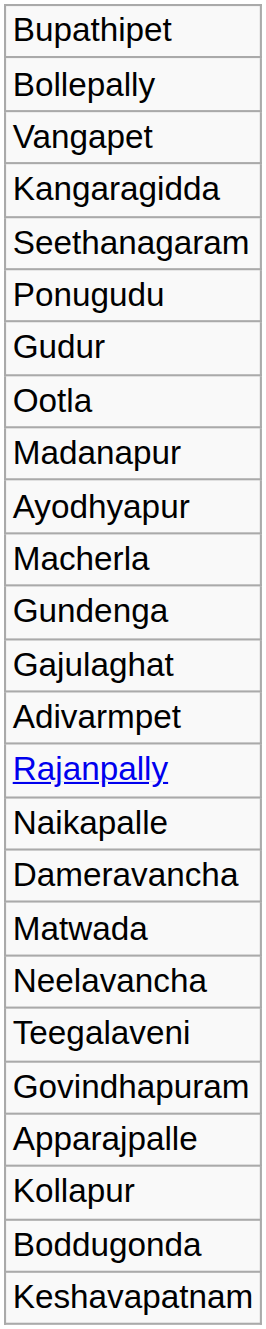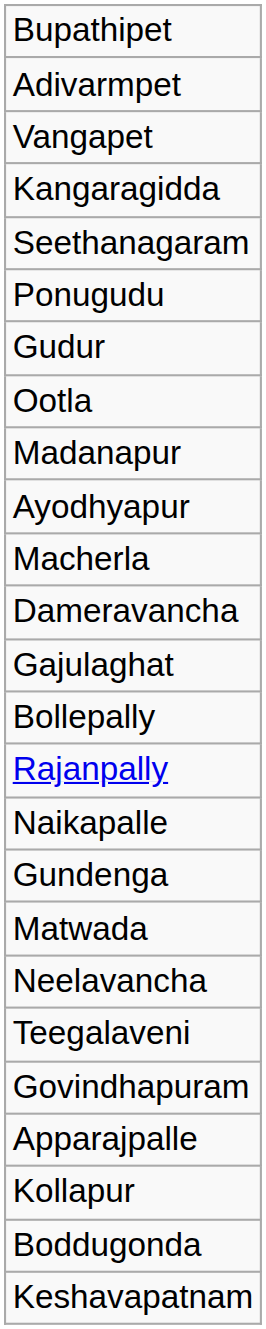 <table class="wikitable sortable">
 <tr>
 <td>Bupathipet</td>
 </tr>
 <tr>
-<td>Bollepally</td>
+<td>Adivarmpet</td>
 </tr>
 <tr>
 <td>Vangapet</td>
 </tr>
 <tr>
 <td>Kangaragidda</td>
 </tr>
 <tr>
 <td>Seethanagaram</td>
 </tr>
 <tr>
 <td>Ponugudu</td>
 </tr>
 <tr>
 <td>Gudur</td>
 </tr>
 <tr>
 <td>Ootla</td>
 </tr>
 <tr>
 <td>Madanapur</td>
 </tr>
 <tr>
 <td>Ayodhyapur</td>
 </tr>
 <tr>
 <td>Macherla</td>
 </tr>
 <tr>
-<td>Gundenga</td>
+<td>Dameravancha</td>
 </tr>
 <tr>
 <td>Gajulaghat</td>
 </tr>
 <tr>
-<td>Adivarmpet</td>
+<td>Bollepally</td>
 </tr>
 <tr>
 <td><a href='#'>Rajanpally</a></td>
 </tr>
 <tr>
 <td>Naikapalle</td>
 </tr>
 <tr>
-<td>Dameravancha</td>
+<td>Gundenga</td>
 </tr>
 <tr>
 <td>Matwada</td>
 </tr>
 <tr>
 <td>Neelavancha</td>
 </tr>
 <tr>
 <td>Teegalaveni</td>
 </tr>
 <tr>
 <td>Govindhapuram</td>
 </tr>
 <tr>
 <td>Apparajpalle</td>
 </tr>
 <tr>
 <td>Kollapur</td>
 </tr>
 <tr>
 <td>Boddugonda</td>
 </tr>
 <tr>
 <td>Keshavapatnam</td>
 </tr>
 </table>
